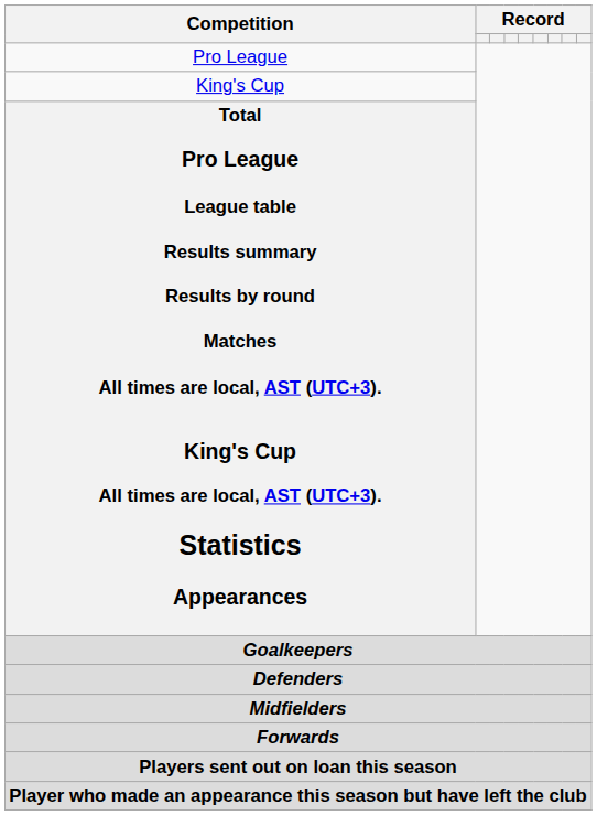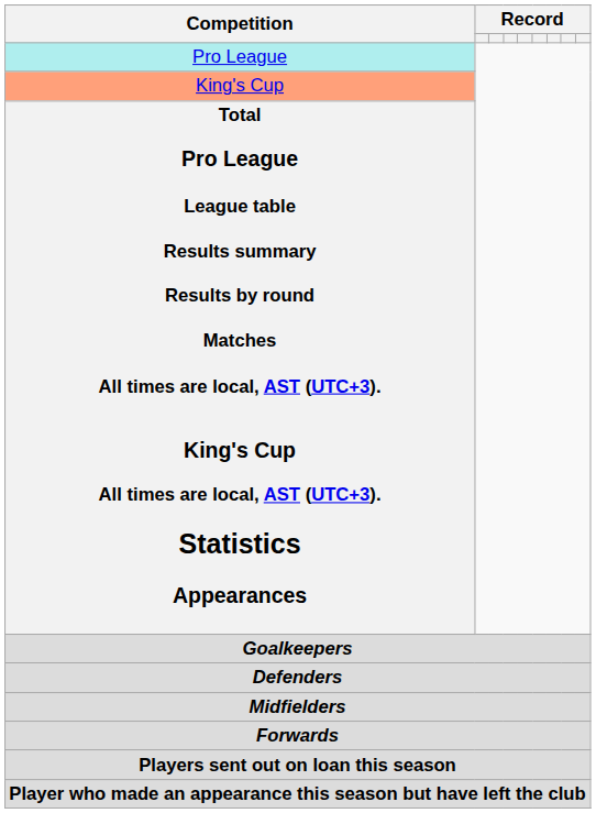 <table class="wikitable" style="text-align: center">
 <tr>
 <th rowspan=2>Competition</th>
 <th colspan=8>Record</th>
 </tr>
 <tr>
 <th></th>
 <th></th>
 <th></th>
 <th></th>
 <th></th>
 <th></th>
 <th></th>
 <th></th>
 </tr>
 <tr>
-<td><a href='#'>Pro League</a><br></td>
+<td style="background: paleturquoise;"><a href='#'>Pro League</a><br></td>
 </tr>
 <tr>
-<td><a href='#'>King's Cup</a><br></td>
+<td style="background: lightsalmon;"><a href='#'>King's Cup</a><br></td>
 </tr>
 <tr>
 <th>Total<br> <h3>Pro League</h3><h4>League table</h4><h4>Results summary</h4> <h4>Results by round</h4><h4>Matches</h4>All times are local, <a href='#'>AST</a> (<a href='#'>UTC+3</a>).<br>   <br>                                 <h3>King's Cup</h3> All times are local, <a href='#'>AST</a> (<a href='#'>UTC+3</a>).<br>   <h2>Statistics</h2><h3>Appearances</h3></th>
 </tr>
 <tr>
 <th colspan=10 style=background:#dcdcdc; text-align:center><em>Goalkeepers</em><br>  </th>
 </tr>
 <tr>
 <th colspan=10 style=background:#dcdcdc; text-align:center><em>Defenders</em><br>         </th>
 </tr>
 <tr>
 <th colspan=10 style=background:#dcdcdc; text-align:center><em>Midfielders</em><br>         </th>
 </tr>
 <tr>
 <th colspan=10 style=background:#dcdcdc; text-align:center><em>Forwards</em><br>     </th>
 </tr>
 <tr>
 <th colspan=16 style=background:#dcdcdc; text-align:center>Players sent out on loan this season<br></th>
 </tr>
 <tr>
 <th colspan=18 style=background:#dcdcdc; text-align:center>Player who made an appearance this season but have left the club<br> </th>
 </tr>
 <tr>
 </tr>
 </table>
